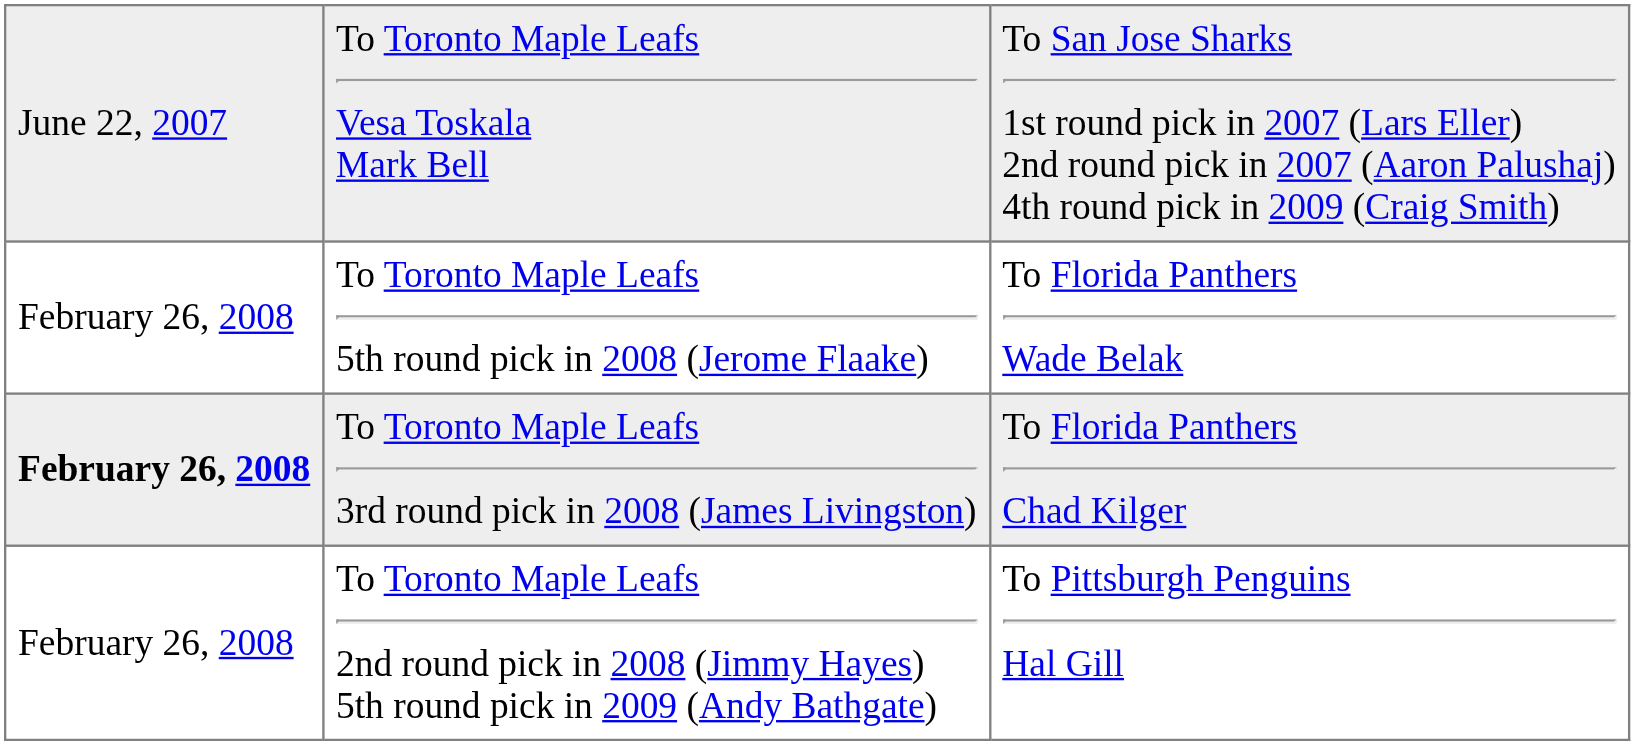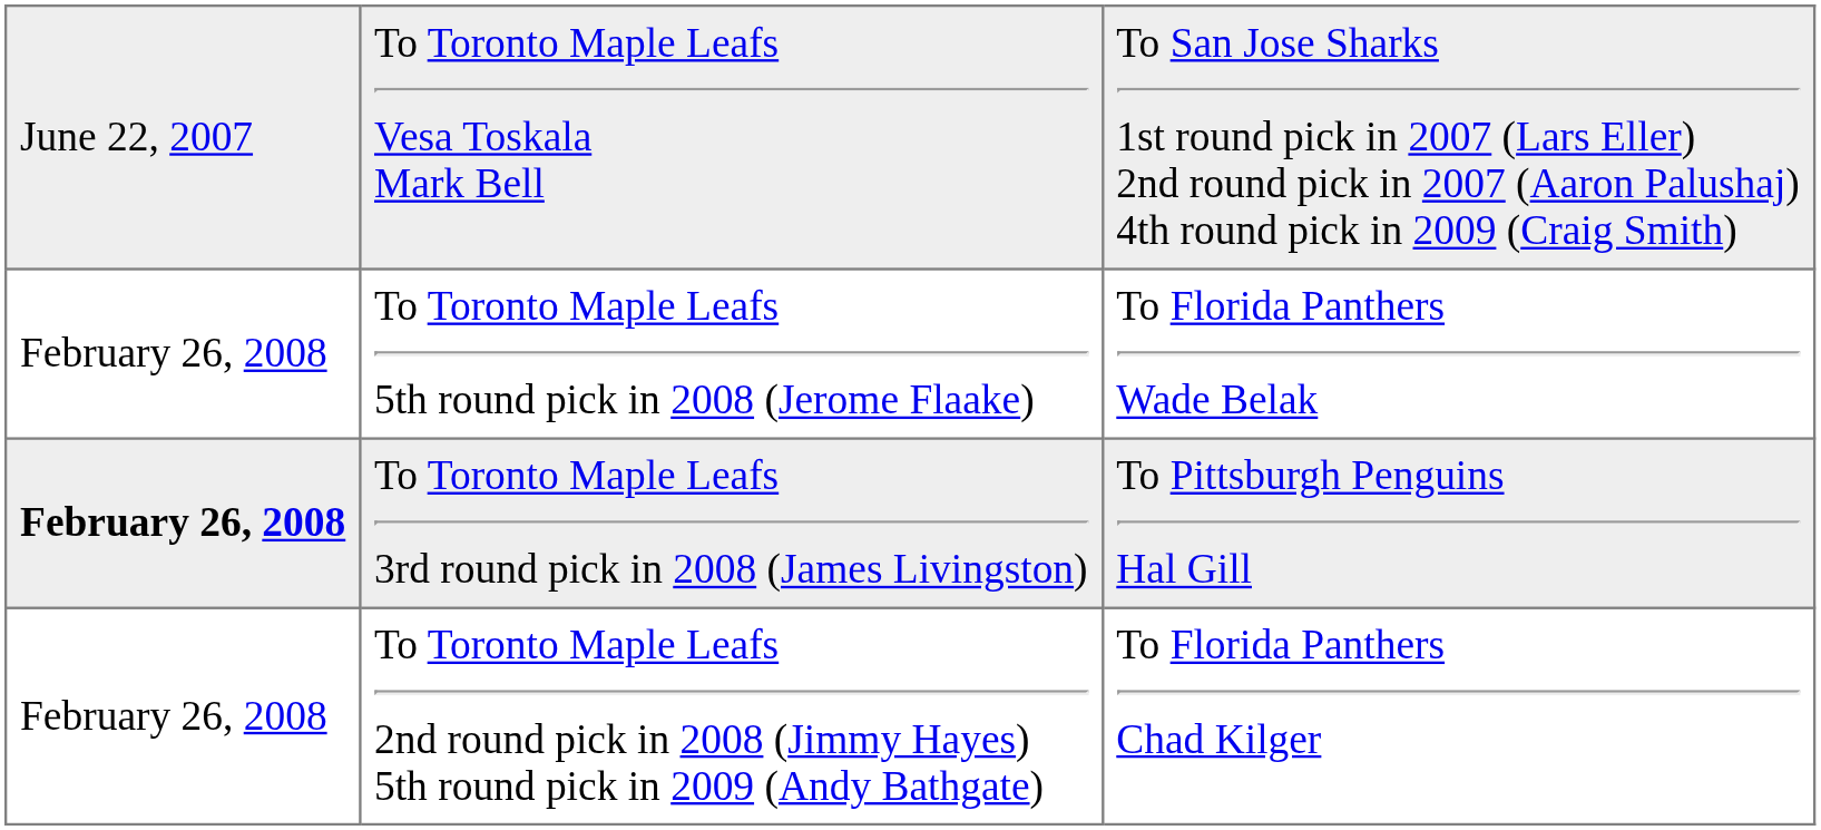 <table border="1" style="border-collapse:collapse;"  cellpadding="5">
 <tr style="background:#eee;">
 <td>June 22, <a href='#'>2007</a></td>
 <td valign="top">To <a href='#'>Toronto Maple Leafs</a> <hr><a href='#'>Vesa Toskala</a> <br> <a href='#'>Mark Bell</a></td>
 <td valign="top">To <a href='#'>San Jose Sharks</a> <hr>1st round pick in <a href='#'>2007</a> (<a href='#'>Lars Eller</a>) <br> 2nd round pick in <a href='#'>2007</a> (<a href='#'>Aaron Palushaj</a>)<br> 4th round pick in <a href='#'>2009</a> (<a href='#'>Craig Smith</a>)</td>
 </tr>
 <tr>
 <td>February 26, <a href='#'>2008</a></td>
 <td valign="top">To <a href='#'>Toronto Maple Leafs</a> <hr>5th round pick in <a href='#'>2008</a> (<a href='#'>Jerome Flaake</a>)</td>
 <td valign="top">To <a href='#'>Florida Panthers</a> <hr><a href='#'>Wade Belak</a></td>
 </tr>
 <tr style="background:#eee;">
 <td><strong>February 26, <a href='#'>2008</a></strong></td>
 <td valign="top">To <a href='#'>Toronto Maple Leafs</a> <hr>3rd round pick in <a href='#'>2008</a> (<a href='#'>James Livingston</a>)</td>
-<td valign="top">To <a href='#'>Florida Panthers</a> <hr><a href='#'>Chad Kilger</a></td>
+<td valign="top">To <a href='#'>Pittsburgh Penguins</a> <hr><a href='#'>Hal Gill</a></td>
 </tr>
 <tr>
 <td>February 26, <a href='#'>2008</a></td>
 <td valign="top">To <a href='#'>Toronto Maple Leafs</a> <hr>2nd round pick in <a href='#'>2008</a> (<a href='#'>Jimmy Hayes</a>)<br>5th round pick in <a href='#'>2009</a> (<a href='#'>Andy Bathgate</a>)</td>
-<td valign="top">To <a href='#'>Pittsburgh Penguins</a> <hr><a href='#'>Hal Gill</a></td>
+<td valign="top">To <a href='#'>Florida Panthers</a> <hr><a href='#'>Chad Kilger</a></td>
 </tr>
 </table>
